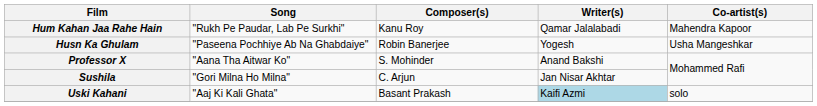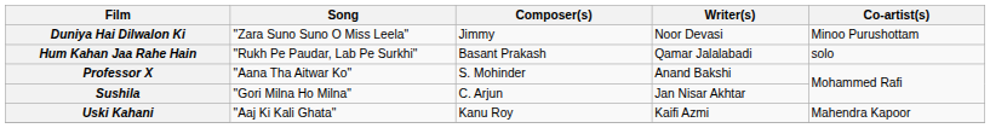 <table class="wikitable plainrowheaders" width="100%" textcolor:#000;">
 <tr style="background:#b0e0e66;">
 <th scope="col" width=23%><strong>Film</strong></th>
 <th scope="col" width=23%><strong>Song</strong></th>
 <th scope="col" width=20%><strong>Composer(s)</strong></th>
 <th scope="col" width=16%><strong>Writer(s)</strong></th>
 <th scope="col" width=18%><strong>Co-artist(s)</strong></th>
 </tr>
 <tr>
+<th><em>Duniya Hai Dilwalon Ki</em></th>
+<td>"Zara Suno Suno O Miss Leela"</td>
+<td>Jimmy</td>
+<td>Noor Devasi</td>
+<td>Minoo Purushottam</td>
+</tr>
+<tr>
 <th><em>Hum Kahan Jaa Rahe Hain</em></th>
 <td>"Rukh Pe Paudar, Lab Pe Surkhi"</td>
-<td>Kanu Roy</td>
+<td>Basant Prakash</td>
 <td>Qamar Jalalabadi</td>
-<td>Mahendra Kapoor</td>
-</tr>
-<tr>
-<th><em>Husn Ka Ghulam</em></th>
-<td>"Paseena Pochhiye Ab Na Ghabdaiye"</td>
-<td>Robin Banerjee</td>
-<td>Yogesh</td>
-<td>Usha Mangeshkar</td>
+<td>solo</td>
 </tr>
 <tr>
 <th><em>Professor X</em></th>
 <td>"Aana Tha Aitwar Ko"</td>
 <td>S. Mohinder</td>
 <td>Anand Bakshi</td>
 <td rowspan=2>Mohammed Rafi</td>
 </tr>
 <tr>
 <th><em>Sushila</em></th>
 <td>"Gori Milna Ho Milna"</td>
 <td>C. Arjun</td>
 <td>Jan Nisar Akhtar</td>
 </tr>
 <tr>
 <th><em>Uski Kahani</em></th>
 <td>"Aaj Ki Kali Ghata"</td>
-<td>Basant Prakash</td>
-<td style="background: lightblue;">Kaifi Azmi</td>
-<td>solo</td>
+<td>Kanu Roy</td>
+<td>Kaifi Azmi</td>
+<td>Mahendra Kapoor</td>
 </tr>
 <tr>
 </tr>
 </table>
